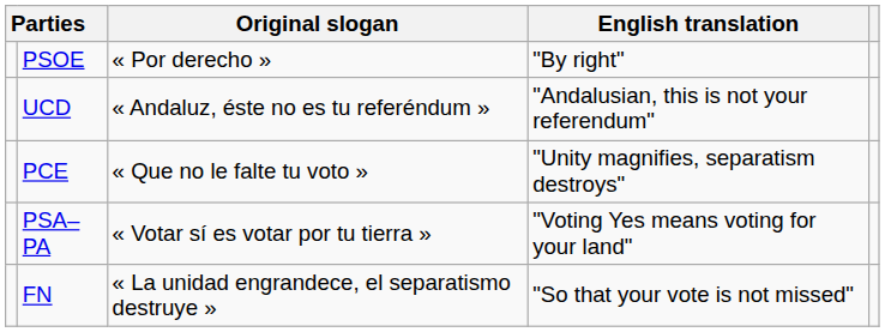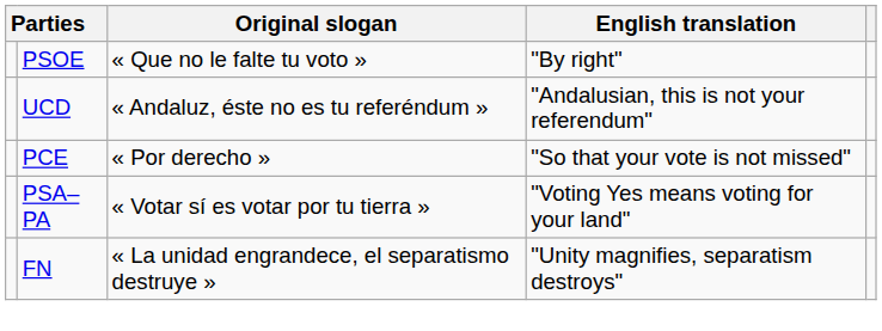 <table class="wikitable" style="font-size:97%; text-align:left;">
 <tr>
 <th style="text-align:left;" colspan="2">Parties</th>
 <th>Original slogan</th>
 <th>English translation</th>
 <th></th>
 </tr>
 <tr>
 <td width="1"></td>
 <td><a href='#'>PSOE</a></td>
-<td>« Por derecho »</td>
+<td>« Que no le falte tu voto »</td>
 <td>"By right"</td>
 <td></td>
 </tr>
 <tr>
 <td bgcolor=></td>
 <td><a href='#'>UCD</a></td>
 <td>« Andaluz, éste no es tu referéndum »</td>
 <td>"Andalusian, this is not your referendum"</td>
 <td></td>
 </tr>
 <tr>
 <td></td>
 <td><a href='#'>PCE</a></td>
-<td>« Que no le falte tu voto »</td>
-<td>"Unity magnifies, separatism destroys"</td>
+<td>« Por derecho »</td>
+<td>"So that your vote is not missed"</td>
 <td></td>
 </tr>
 <tr>
 <td></td>
 <td><a href='#'>PSA–PA</a></td>
 <td>« Votar sí es votar por tu tierra »</td>
 <td>"Voting Yes means voting for your land"</td>
 <td></td>
 </tr>
 <tr>
 <td></td>
 <td><a href='#'>FN</a></td>
 <td>« La unidad engrandece, el separatismo destruye »</td>
-<td>"So that your vote is not missed"</td>
+<td>"Unity magnifies, separatism destroys"</td>
 <td></td>
 </tr>
 </table>
